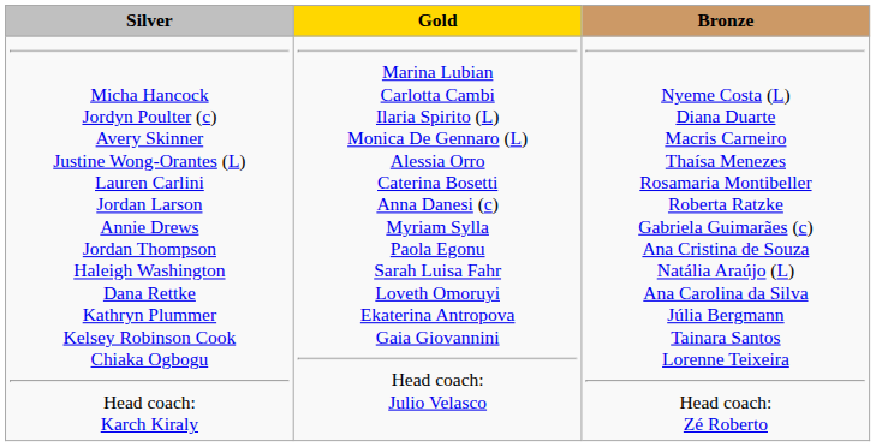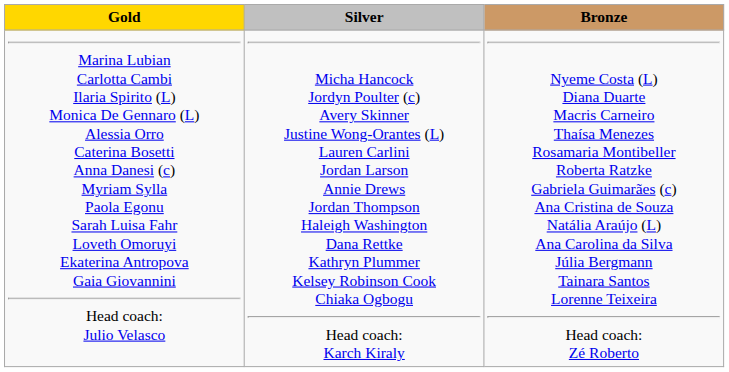 <table class="wikitable" style="text-align:center; font-size:95%">
 <tr>
+<td style="width:15em; background:gold"><strong>Gold</strong></td>
 <td style="width:15em; background:silver"><strong>Silver</strong></td>
-<td style="width:15em; background:gold"><strong>Gold</strong></td>
 <td style="width:15em; background:#cc9966"><strong>Bronze</strong></td>
 </tr>
 <tr>
+<td valign=top><hr><a href='#'>Marina Lubian</a><br><a href='#'>Carlotta Cambi</a><br><a href='#'>Ilaria Spirito</a> (<a href='#'>L</a>)<br><a href='#'>Monica De Gennaro</a> (<a href='#'>L</a>)<br><a href='#'>Alessia Orro</a><br><a href='#'>Caterina Bosetti</a><br><a href='#'>Anna Danesi</a> (<a href='#'>c</a>)<br><a href='#'>Myriam Sylla</a><br><a href='#'>Paola Egonu</a><br><a href='#'>Sarah Luisa Fahr</a><br><a href='#'>Loveth Omoruyi</a><br><a href='#'>Ekaterina Antropova</a><br><a href='#'>Gaia Giovannini</a><hr>Head coach:<br><a href='#'>Julio Velasco</a></td>
 <td><hr><br><a href='#'>Micha Hancock</a><br><a href='#'>Jordyn Poulter</a> (<a href='#'>c</a>)<br><a href='#'>Avery Skinner</a><br><a href='#'>Justine Wong-Orantes</a> (<a href='#'>L</a>)<br><a href='#'>Lauren Carlini</a><br><a href='#'>Jordan Larson</a><br><a href='#'>Annie Drews</a><br><a href='#'>Jordan Thompson</a><br><a href='#'>Haleigh Washington</a><br><a href='#'>Dana Rettke</a><br><a href='#'>Kathryn Plummer</a><br><a href='#'>Kelsey Robinson Cook</a><br><a href='#'>Chiaka Ogbogu</a><hr>Head coach:<br><a href='#'>Karch Kiraly</a></td>
-<td valign=top><hr><a href='#'>Marina Lubian</a><br><a href='#'>Carlotta Cambi</a><br><a href='#'>Ilaria Spirito</a> (<a href='#'>L</a>)<br><a href='#'>Monica De Gennaro</a> (<a href='#'>L</a>)<br><a href='#'>Alessia Orro</a><br><a href='#'>Caterina Bosetti</a><br><a href='#'>Anna Danesi</a> (<a href='#'>c</a>)<br><a href='#'>Myriam Sylla</a><br><a href='#'>Paola Egonu</a><br><a href='#'>Sarah Luisa Fahr</a><br><a href='#'>Loveth Omoruyi</a><br><a href='#'>Ekaterina Antropova</a><br><a href='#'>Gaia Giovannini</a><hr>Head coach:<br><a href='#'>Julio Velasco</a></td>
 <td><hr><br><a href='#'>Nyeme Costa</a> (<a href='#'>L</a>)<br><a href='#'>Diana Duarte</a><br><a href='#'>Macris Carneiro</a><br><a href='#'>Thaísa Menezes</a><br><a href='#'>Rosamaria Montibeller</a><br><a href='#'>Roberta Ratzke</a><br><a href='#'>Gabriela Guimarães</a> (<a href='#'>c</a>)<br><a href='#'>Ana Cristina de Souza</a><br><a href='#'>Natália Araújo</a> (<a href='#'>L</a>)<br><a href='#'>Ana Carolina da Silva</a><br><a href='#'>Júlia Bergmann</a><br><a href='#'>Tainara Santos</a><br><a href='#'>Lorenne Teixeira</a><hr>Head coach:<br><a href='#'>Zé Roberto</a></td>
 </tr>
 </table>
